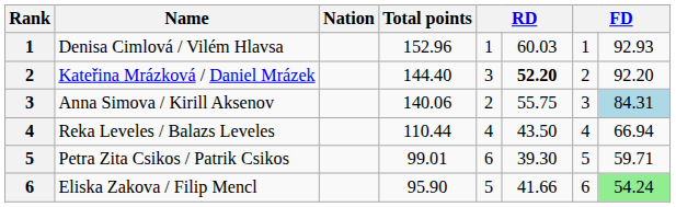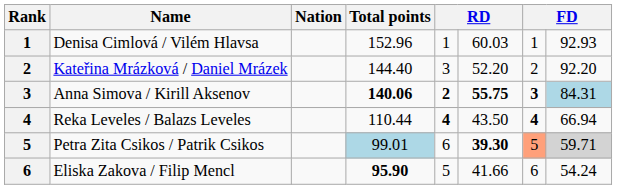 <table class="wikitable sortable">
 <tr>
 <th>Rank</th>
 <th>Name</th>
 <th>Nation</th>
 <th>Total points</th>
 <th colspan="2" width="80px"><a href='#'>RD</a></th>
 <th colspan="2" width="80px"><a href='#'>FD</a></th>
 </tr>
 <tr>
 <th>1</th>
 <td>Denisa Cimlová / Vilém Hlavsa</td>
 <td></td>
 <td align="center">152.96</td>
 <td align="center">1</td>
 <td align="center">60.03</td>
 <td align="center">1</td>
 <td align="center">92.93</td>
 </tr>
 <tr>
 <th>2</th>
 <td><a href='#'>Kateřina Mrázková</a> / <a href='#'>Daniel Mrázek</a></td>
 <td></td>
 <td align="center">144.40</td>
 <td align="center">3</td>
-<td align="center"><strong>52.20</strong></td>
+<td align="center">52.20</td>
 <td align="center">2</td>
 <td align="center">92.20</td>
 </tr>
 <tr>
 <th>3</th>
 <td>Anna Simova / Kirill Aksenov</td>
 <td></td>
-<td align="center">140.06</td>
-<td align="center">2</td>
-<td align="center">55.75</td>
-<td align="center">3</td>
+<td align="center"><strong>140.06</strong></td>
+<td align="center"><strong>2</strong></td>
+<td align="center"><strong>55.75</strong></td>
+<td align="center"><strong>3</strong></td>
 <td align="center" style="background: lightblue;">84.31</td>
 </tr>
 <tr>
 <th>4</th>
 <td>Reka Leveles / Balazs Leveles</td>
 <td></td>
 <td align="center">110.44</td>
-<td align="center">4</td>
+<td align="center"><strong>4</strong></td>
 <td align="center">43.50</td>
-<td align="center">4</td>
+<td align="center"><strong>4</strong></td>
 <td align="center">66.94</td>
 </tr>
 <tr>
 <th>5</th>
 <td>Petra Zita Csikos / Patrik Csikos</td>
 <td></td>
-<td align="center">99.01</td>
+<td align="center" style="background: lightblue;">99.01</td>
 <td align="center">6</td>
-<td align="center">39.30</td>
-<td align="center">5</td>
-<td align="center">59.71</td>
+<td align="center"><strong>39.30</strong></td>
+<td align="center" style="background: lightsalmon;">5</td>
+<td align="center" style="background: lightgrey;">59.71</td>
 </tr>
 <tr>
 <th>6</th>
 <td>Eliska Zakova / Filip Mencl</td>
 <td></td>
-<td align="center">95.90</td>
+<td align="center"><strong>95.90</strong></td>
 <td align="center">5</td>
 <td align="center">41.66</td>
 <td align="center">6</td>
-<td align="center" style="background: lightgreen;">54.24</td>
+<td align="center">54.24</td>
 </tr>
 </table>
